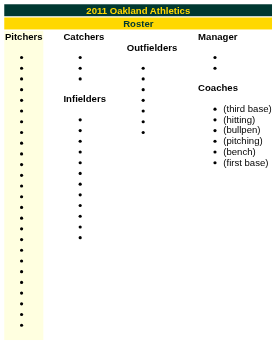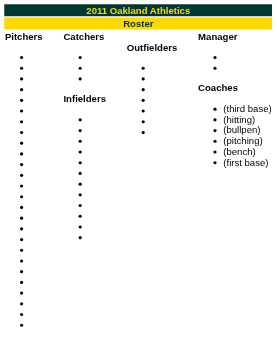 <table class="toccolours" style="font-size: 95%;">
 <tr>
 <th colspan="10" style="background:#003831; color:#ffd800; text-align:center;">2011 Oakland Athletics</th>
 </tr>
 <tr>
 <td colspan="10" style="background:#ffd800; color:#003831; text-align:center;"><strong>Roster</strong></td>
 </tr>
 <tr>
-<td valign="top" style="background: lightyellow;"><strong>Pitchers</strong><br><ul><li></li><li></li><li></li><li></li><li></li><li></li><li></li><li></li><li></li><li></li><li></li><li></li><li></li><li></li><li></li><li></li><li></li><li></li><li></li><li></li><li></li><li></li><li></li><li></li><li></li><li></li></ul></td>
+<td valign="top"><strong>Pitchers</strong><br><ul><li></li><li></li><li></li><li></li><li></li><li></li><li></li><li></li><li></li><li></li><li></li><li></li><li></li><li></li><li></li><li></li><li></li><li></li><li></li><li></li><li></li><li></li><li></li><li></li><li></li><li></li></ul></td>
 <td style="width:25px;"></td>
 <td valign="top"><strong>Catchers</strong><br><ul><li></li><li></li><li></li></ul><strong>Infielders</strong><ul><li></li><li></li><li></li><li></li><li></li><li></li><li></li><li></li><li></li><li></li><li></li><li></li></ul></td>
 <td style="width:25px;"></td>
 <td valign="top"><br><strong>Outfielders</strong><ul><li></li><li></li><li></li><li></li><li></li><li></li><li></li></ul></td>
 <td style="width:25px;"></td>
 <td valign="top"><strong>Manager</strong><br><ul><li></li><li></li></ul><strong>Coaches</strong><ul><li>  (third base)</li><li> (hitting)</li><li> (bullpen)</li><li> (pitching)</li><li> (bench)</li><li> (first base)</li></ul></td>
 </tr>
 </table>
